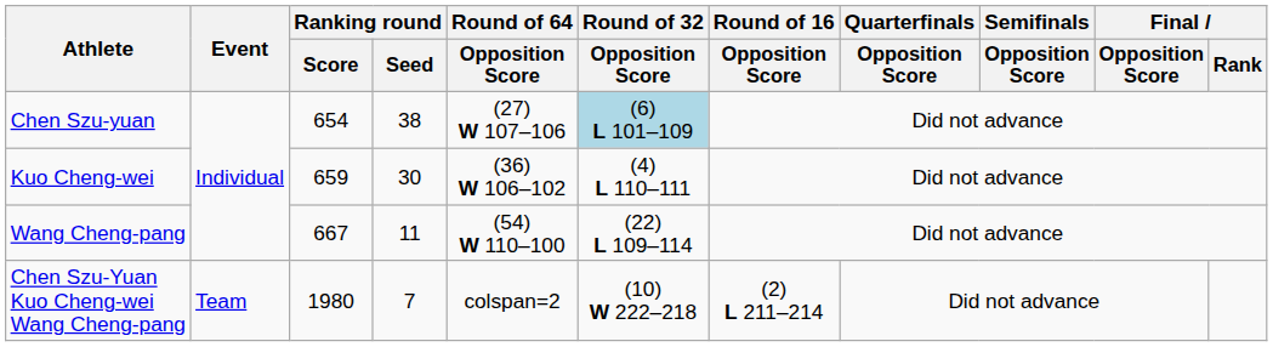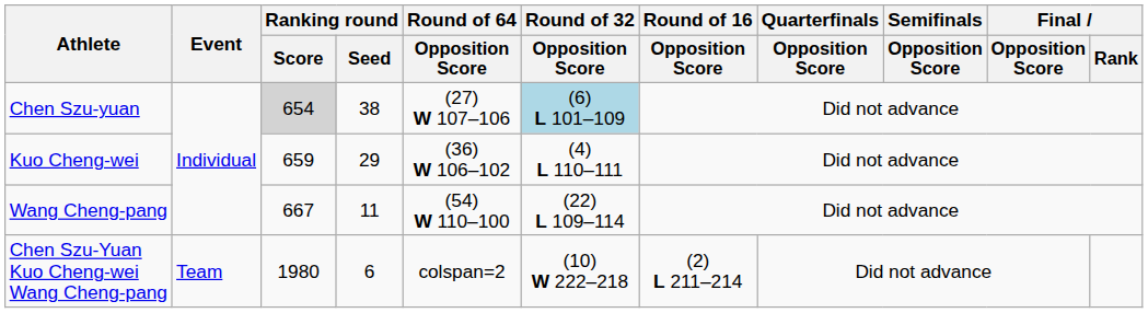 <table class="wikitable" style="font-size:90%">
 <tr>
 <th rowspan="2">Athlete</th>
 <th rowspan="2">Event</th>
 <th colspan="2">Ranking round</th>
 <th>Round of 64</th>
 <th>Round of 32</th>
 <th>Round of 16</th>
 <th>Quarterfinals</th>
 <th>Semifinals</th>
 <th colspan="2">Final / </th>
 </tr>
 <tr style="font-size:95%">
 <th>Score</th>
 <th>Seed</th>
 <th>Opposition<br>Score</th>
 <th>Opposition<br>Score</th>
 <th>Opposition<br>Score</th>
 <th>Opposition<br>Score</th>
 <th>Opposition<br>Score</th>
 <th>Opposition<br>Score</th>
 <th>Rank</th>
 </tr>
 <tr align=center>
 <td align=left><a href='#'>Chen Szu-yuan</a></td>
 <td align=left rowspan=3><a href='#'>Individual</a></td>
-<td>654</td>
+<td style="background: lightgrey;">654</td>
 <td>38</td>
 <td> (27) <br> <strong>W</strong> 107–106</td>
 <td style="background: lightblue;"> (6) <br> <strong>L</strong> 101–109</td>
 <td colspan=5>Did not advance</td>
 </tr>
 <tr align=center>
 <td align=left><a href='#'>Kuo Cheng-wei</a></td>
 <td>659</td>
-<td>30</td>
+<td>29</td>
 <td> (36) <br> <strong>W</strong> 106–102</td>
 <td> (4) <br> <strong>L</strong> 110–111</td>
 <td colspan=5 align=center>Did not advance</td>
 </tr>
 <tr align=center>
 <td align=left><a href='#'>Wang Cheng-pang</a></td>
 <td>667</td>
 <td>11</td>
 <td> (54) <br> <strong>W</strong> 110–100</td>
 <td> (22) <br> <strong>L</strong> 109–114</td>
 <td colspan=5 align=center>Did not advance</td>
 </tr>
 <tr align=center>
 <td align=left><a href='#'>Chen Szu-Yuan</a><br><a href='#'>Kuo Cheng-wei</a><br><a href='#'>Wang Cheng-pang</a></td>
 <td align=left><a href='#'>Team</a></td>
 <td>1980</td>
-<td>7</td>
+<td>6</td>
 <td>colspan=2 </td>
 <td> (10) <br> <strong>W</strong> 222–218</td>
 <td> (2)  <br> <strong>L</strong> 211–214</td>
 <td colspan=3>Did not advance</td>
 </tr>
 </table>
